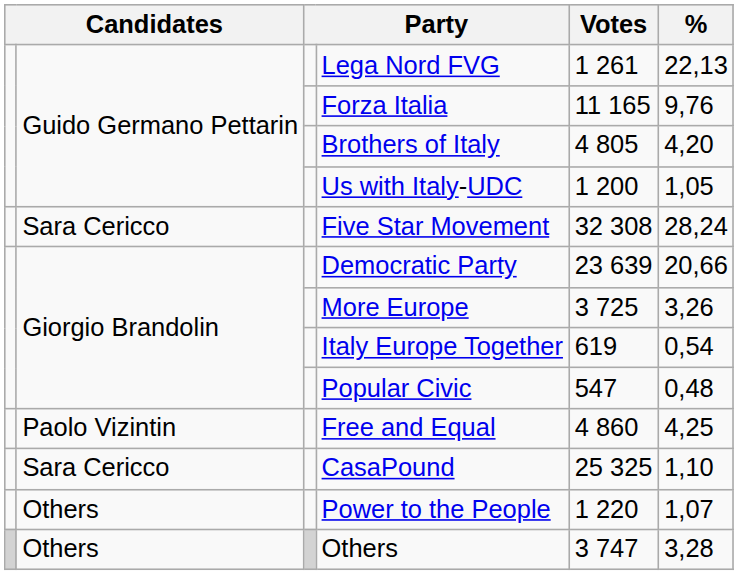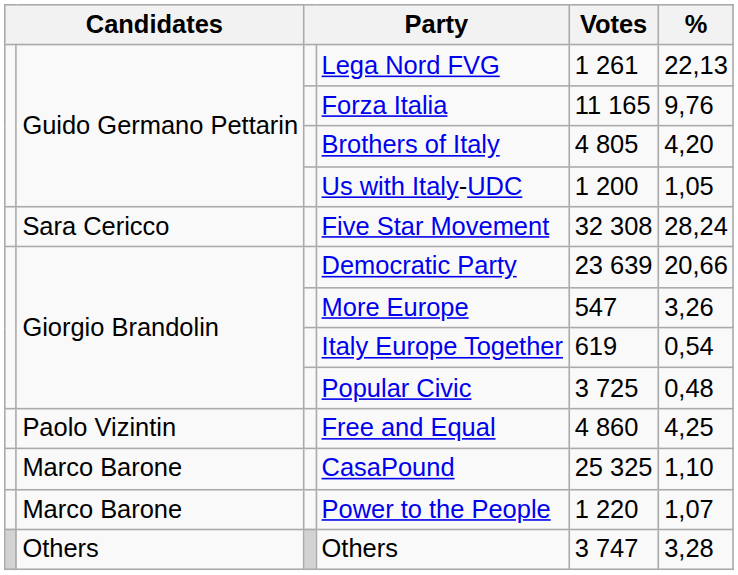 <table class="wikitable">
 <tr>
 <th colspan="2">Candidates</th>
 <th colspan="2">Party</th>
 <th>Votes</th>
 <th>%</th>
 </tr>
 <tr>
 <td rowspan="4"></td>
 <td rowspan="4">Guido Germano Pettarin</td>
 <td></td>
 <td><a href='#'>Lega Nord FVG</a></td>
 <td>1 261</td>
 <td>22,13</td>
 </tr>
 <tr>
 <td></td>
 <td><a href='#'>Forza Italia</a></td>
 <td>11 165</td>
 <td>9,76</td>
 </tr>
 <tr>
 <td></td>
 <td><a href='#'>Brothers of Italy</a></td>
 <td>4 805</td>
 <td>4,20</td>
 </tr>
 <tr>
 <td></td>
 <td><a href='#'>Us with Italy</a>-<a href='#'>UDC</a></td>
 <td>1 200</td>
 <td>1,05</td>
 </tr>
 <tr>
 <td></td>
 <td>Sara Cericco</td>
 <td></td>
 <td><a href='#'>Five Star Movement</a></td>
 <td>32 308</td>
 <td>28,24</td>
 </tr>
 <tr>
 <td rowspan="4"></td>
 <td rowspan="4">Giorgio Brandolin</td>
 <td></td>
 <td><a href='#'>Democratic Party</a></td>
 <td>23 639</td>
 <td>20,66</td>
 </tr>
 <tr>
 <td></td>
 <td><a href='#'>More Europe</a></td>
-<td>3 725</td>
+<td>547</td>
 <td>3,26</td>
 </tr>
 <tr>
 <td></td>
 <td><a href='#'>Italy Europe Together</a></td>
 <td>619</td>
 <td>0,54</td>
 </tr>
 <tr>
 <td></td>
 <td><a href='#'>Popular Civic</a></td>
-<td>547</td>
+<td>3 725</td>
 <td>0,48</td>
 </tr>
 <tr>
 <td></td>
 <td>Paolo Vizintin</td>
 <td></td>
 <td><a href='#'>Free and Equal</a></td>
 <td>4 860</td>
 <td>4,25</td>
 </tr>
 <tr>
 <td></td>
-<td>Sara Cericco</td>
+<td>Marco Barone</td>
 <td></td>
 <td><a href='#'>CasaPound</a></td>
 <td>25 325</td>
 <td>1,10</td>
 </tr>
 <tr>
 <td></td>
-<td>Others</td>
+<td>Marco Barone</td>
 <td></td>
 <td><a href='#'>Power to the People</a></td>
 <td>1 220</td>
 <td>1,07</td>
 </tr>
 <tr>
 <td bgcolor="Lightgrey"></td>
 <td>Others</td>
 <td bgcolor="Lightgrey"></td>
 <td>Others</td>
 <td>3 747</td>
 <td>3,28</td>
 </tr>
 </table>
